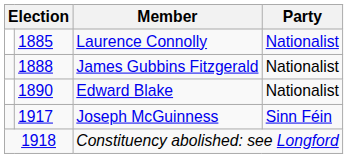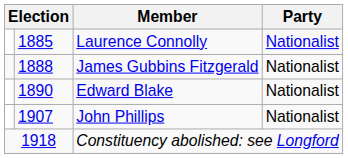 <table class="wikitable">
 <tr>
 <th colspan="2">Election</th>
 <th>Member</th>
 <th>Party</th>
 </tr>
 <tr>
 <td style="color:inherit;background-color: white"></td>
 <td><a href='#'>1885</a></td>
 <td><a href='#'>Laurence Connolly</a></td>
 <td><a href='#'>Nationalist</a></td>
 </tr>
 <tr>
 <td style="color:inherit;background-color: "></td>
 <td><a href='#'>1888</a></td>
 <td><a href='#'>James Gubbins Fitzgerald</a></td>
 <td>Nationalist</td>
 </tr>
 <tr>
 <td style="color:inherit;background-color: white"></td>
 <td><a href='#'>1890</a></td>
 <td><a href='#'>Edward Blake</a></td>
 <td>Nationalist</td>
 </tr>
 <tr>
-<td style="color:inherit;background-color: "></td>
-<td><a href='#'>1917</a></td>
-<td><a href='#'>Joseph McGuinness</a></td>
-<td><a href='#'>Sinn Féin</a></td>
+<td style="color:inherit;background-color: white"></td>
+<td><a href='#'>1907</a></td>
+<td><a href='#'>John Phillips</a></td>
+<td>Nationalist</td>
 </tr>
 <tr>
 <td colspan="2" align="center"><a href='#'>1918</a></td>
 <td colspan="2"><em>Constituency abolished: see <a href='#'>Longford</a></em></td>
 </tr>
 </table>
